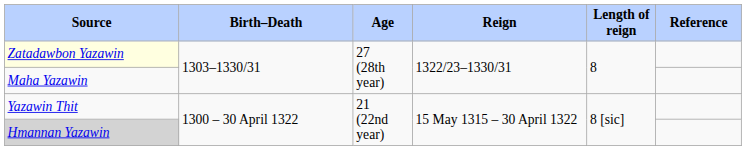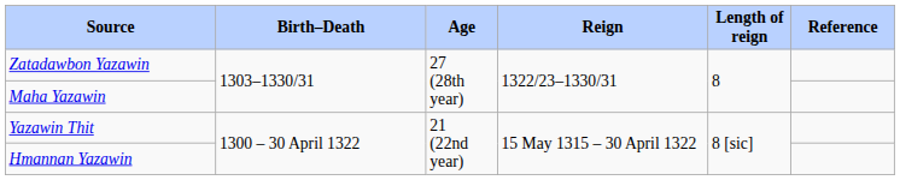 <table class="wikitable">
 <tr>
 <th style="background-color:#B9D1FF" width=15%>Source</th>
 <th style="background-color:#B9D1FF" width=15%>Birth–Death</th>
 <th style="background-color:#B9D1FF" width=5%>Age</th>
 <th style="background-color:#B9D1FF" width=15%>Reign</th>
 <th style="background-color:#B9D1FF" width=5%>Length of reign</th>
 <th style="background-color:#B9D1FF" width=5%>Reference</th>
 </tr>
 <tr>
-<td style="background: lightyellow;"><em><a href='#'>Zatadawbon Yazawin</a></em></td>
+<td><em><a href='#'>Zatadawbon Yazawin</a></em></td>
 <td rowspan="2"> 1303–1330/31</td>
 <td rowspan="2">27 <br> (28th year)</td>
 <td rowspan="2">1322/23–1330/31</td>
 <td rowspan="2">8</td>
 <td></td>
 </tr>
 <tr>
 <td><em><a href='#'>Maha Yazawin</a></em></td>
 <td></td>
 </tr>
 <tr>
 <td><em><a href='#'>Yazawin Thit</a></em></td>
 <td rowspan="2"> 1300 – 30 April 1322</td>
 <td rowspan="2">21 <br> (22nd year)</td>
 <td rowspan="2">15 May 1315 – 30 April 1322</td>
 <td rowspan="2">8 [sic]</td>
 <td></td>
 </tr>
 <tr>
-<td style="background: lightgrey;"><em><a href='#'>Hmannan Yazawin</a></em></td>
+<td><em><a href='#'>Hmannan Yazawin</a></em></td>
 <td></td>
 </tr>
 </table>
